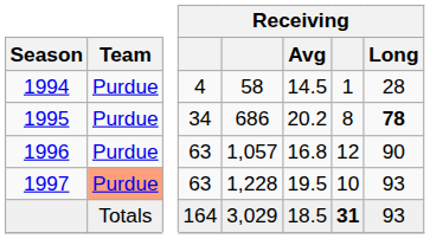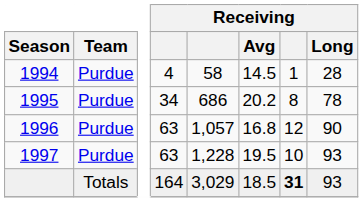 <table class="wikitable" style="text-align:center">
 <tr>
 <th colspan=2 style="background:#fff; border-color:#fff #fff #aaa #fff"> </th>
 <th rowspan=99 style="background:#fff; border-color:#fff #aaa"> </th>
 <th colspan=7>Receiving</th>
 </tr>
 <tr>
 <th>Season</th>
 <th>Team</th>
 <th></th>
 <th></th>
 <th>Avg</th>
 <th></th>
 <th>Long</th>
 </tr>
 <tr>
 <td><a href='#'>1994</a></td>
 <td><a href='#'>Purdue</a></td>
 <td>4</td>
 <td>58</td>
 <td>14.5</td>
 <td>1</td>
 <td>28</td>
 </tr>
 <tr>
 <td><a href='#'>1995</a></td>
 <td><a href='#'>Purdue</a></td>
 <td>34</td>
 <td>686</td>
 <td>20.2</td>
 <td>8</td>
-<td><strong>78</strong></td>
+<td>78</td>
 </tr>
 <tr>
 <td><a href='#'>1996</a></td>
 <td><a href='#'>Purdue</a></td>
 <td>63</td>
 <td>1,057</td>
 <td>16.8</td>
 <td>12</td>
 <td>90</td>
 </tr>
 <tr>
 <td><a href='#'>1997</a></td>
-<td style="background: lightsalmon;"><a href='#'>Purdue</a></td>
+<td><a href='#'>Purdue</a></td>
 <td>63</td>
 <td>1,228</td>
 <td>19.5</td>
 <td>10</td>
 <td>93</td>
 </tr>
 <tr style="background:#f0f0f0;">
 <td></td>
 <td>Totals</td>
 <td>164</td>
 <td>3,029</td>
 <td>18.5</td>
 <td><strong>31</strong></td>
 <td>93</td>
 </tr>
 <tr>
 </tr>
 </table>
